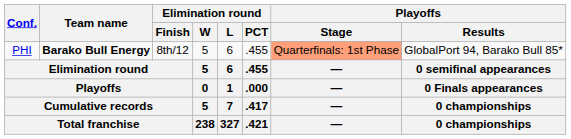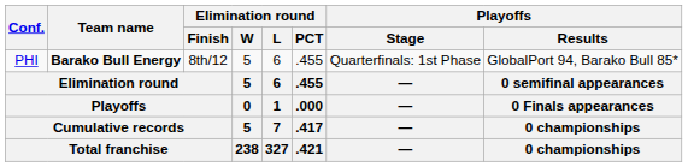 <table class=wikitable style="text-align:center;">
 <tr>
 <th rowspan=2><a href='#'>Conf.</a></th>
 <th rowspan=2>Team name</th>
 <th colspan=4>Elimination round</th>
 <th colspan=2>Playoffs</th>
 </tr>
 <tr>
 <th>Finish</th>
 <th>W</th>
 <th>L</th>
 <th>PCT</th>
 <th>Stage</th>
 <th>Results</th>
 </tr>
 <tr>
 <td><a href='#'>PHI</a></td>
 <td><strong>Barako Bull Energy</strong></td>
 <td>8th/12</td>
 <td>5</td>
 <td>6</td>
 <td>.455</td>
-<td style="background: lightsalmon;">Quarterfinals: 1st Phase</td>
+<td>Quarterfinals: 1st Phase</td>
 <td>GlobalPort 94, Barako Bull 85*</td>
 </tr>
 <tr>
 <th colspan=3>Elimination round</th>
 <th>5</th>
 <th>6</th>
 <th>.455</th>
 <th>—</th>
 <th colspan=2>0 semifinal appearances</th>
 </tr>
 <tr>
 <th colspan=3>Playoffs</th>
 <th>0</th>
 <th>1</th>
 <th>.000</th>
 <th>—</th>
 <th colspan=2>0 Finals appearances</th>
 </tr>
 <tr>
 <th colspan=3>Cumulative records</th>
 <th>5</th>
 <th>7</th>
 <th>.417</th>
 <th>—</th>
 <th colspan=2>0 championships</th>
 </tr>
 <tr>
 <th colspan=3>Total franchise</th>
 <th>238</th>
 <th>327</th>
 <th>.421</th>
 <th>—</th>
 <th colspan=2>0 championships</th>
 </tr>
 </table>
